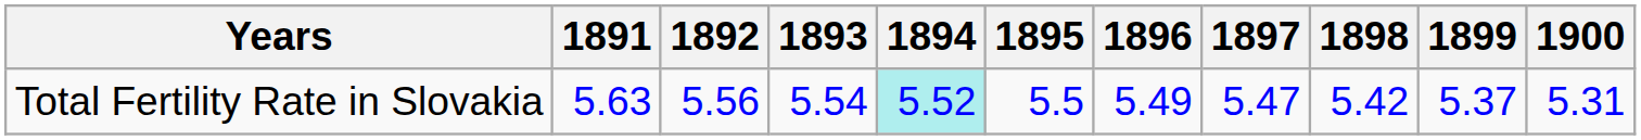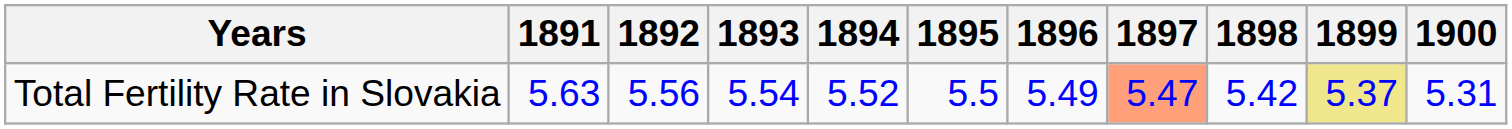 <table class="wikitable " style="text-align:right">
 <tr>
 <th>Years</th>
 <th>1891</th>
 <th>1892</th>
 <th>1893</th>
 <th>1894</th>
 <th>1895</th>
 <th>1896</th>
 <th>1897</th>
 <th>1898</th>
 <th>1899</th>
 <th>1900</th>
 </tr>
 <tr>
 <td align="left">Total Fertility Rate in Slovakia</td>
 <td style="text-align:right; color:blue;">5.63</td>
 <td style="text-align:right; color:blue;">5.56</td>
 <td style="text-align:right; color:blue;">5.54</td>
-<td style="background: paleturquoise; text-align:right; color:blue;">5.52</td>
+<td style="text-align:right; color:blue;">5.52</td>
 <td style="text-align:right; color:blue;">5.5</td>
 <td style="text-align:right; color:blue;">5.49</td>
-<td style="text-align:right; color:blue;">5.47</td>
+<td style="background: lightsalmon; text-align:right; color:blue;">5.47</td>
 <td style="text-align:right; color:blue;">5.42</td>
-<td style="text-align:right; color:blue;">5.37</td>
+<td style="background: khaki; text-align:right; color:blue;">5.37</td>
 <td style="text-align:right; color:blue;">5.31</td>
 </tr>
 </table>
